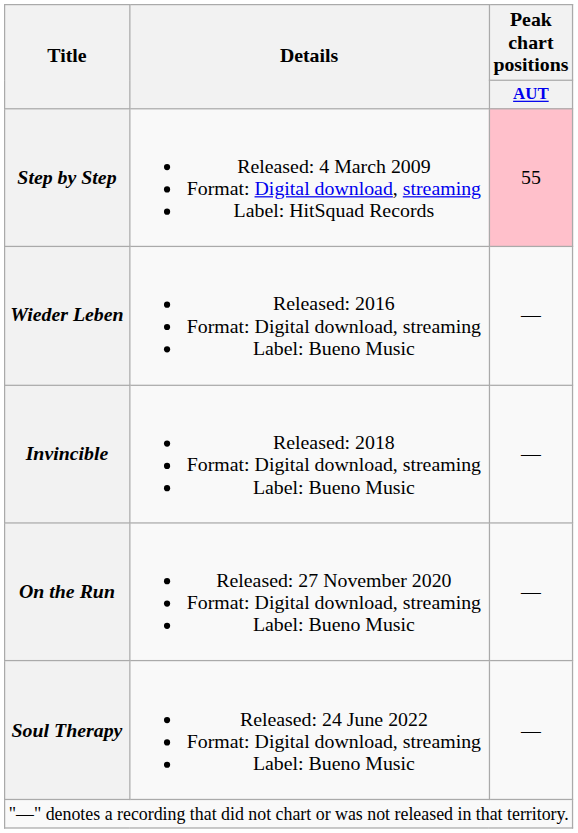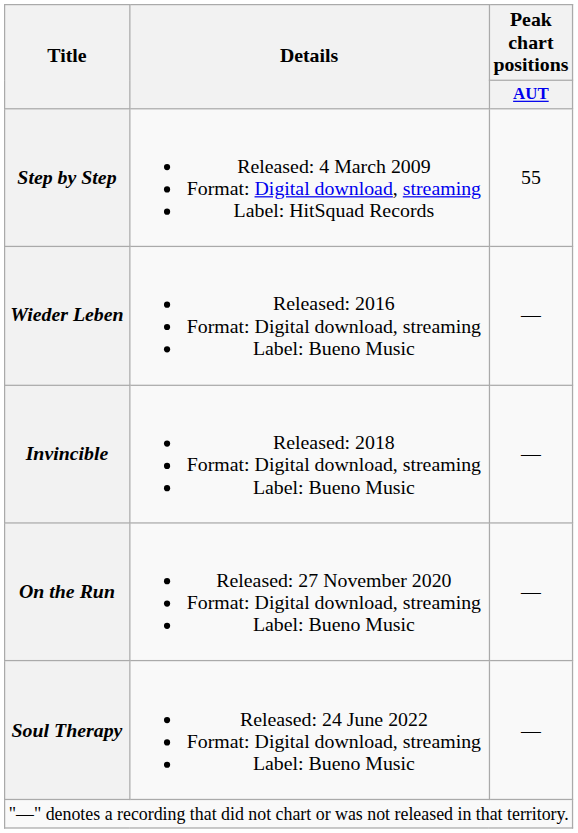 <table class="wikitable plainrowheaders" style="text-align:center">
 <tr>
 <th scope="col" rowspan="2">Title</th>
 <th scope="col" rowspan="2">Details</th>
 <th scope="col" colspan="1">Peak chart positions</th>
 </tr>
 <tr>
 <th scope="col" style="width:3em;font-size:85%;"><a href='#'>AUT</a><br></th>
 </tr>
 <tr>
 <th scope="row"><em>Step by Step</em></th>
 <td><br><ul><li>Released: 4 March 2009</li><li>Format: <a href='#'>Digital download</a>, <a href='#'>streaming</a></li><li>Label: HitSquad Records</li></ul></td>
-<td style="background: pink;">55</td>
+<td>55</td>
 </tr>
 <tr>
 <th scope="row"><em>Wieder Leben</em></th>
 <td><br><ul><li>Released: 2016</li><li>Format: Digital download, streaming</li><li>Label: Bueno Music</li></ul></td>
 <td>—</td>
 </tr>
 <tr>
 <th scope="row"><em>Invincible</em></th>
 <td><br><ul><li>Released: 2018</li><li>Format: Digital download, streaming</li><li>Label: Bueno Music</li></ul></td>
 <td>—</td>
 </tr>
 <tr>
 <th scope="row"><em>On the Run</em></th>
 <td><br><ul><li>Released: 27 November 2020</li><li>Format: Digital download, streaming</li><li>Label: Bueno Music</li></ul></td>
 <td>—</td>
 </tr>
 <tr>
 <th scope="row"><em>Soul Therapy</em></th>
 <td><br><ul><li>Released: 24 June 2022</li><li>Format: Digital download, streaming</li><li>Label: Bueno Music</li></ul></td>
 <td>—</td>
 </tr>
 <tr>
 <td colspan="14" style="font-size:90%">"—" denotes a recording that did not chart or was not released in that territory.</td>
 </tr>
 </table>
